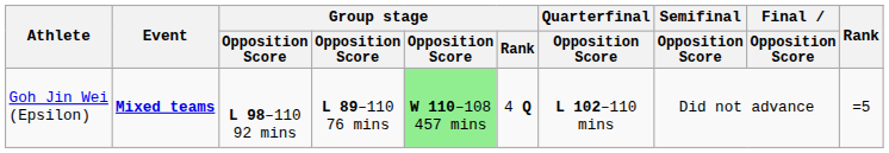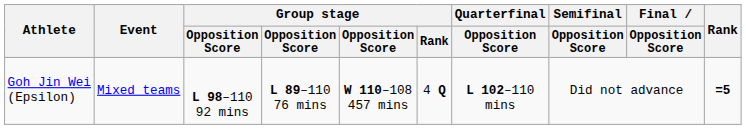 <table class="wikitable" style="font-size:90%">
 <tr>
 <th rowspan=2>Athlete</th>
 <th rowspan=2>Event</th>
 <th colspan=4>Group stage</th>
 <th>Quarterfinal</th>
 <th>Semifinal</th>
 <th>Final / </th>
 <th rowspan=2>Rank</th>
 </tr>
 <tr style="font-size:95%">
 <th>Opposition<br>Score</th>
 <th>Opposition<br>Score</th>
 <th>Opposition<br>Score</th>
 <th>Rank</th>
 <th>Opposition<br>Score</th>
 <th>Opposition<br>Score</th>
 <th>Opposition<br>Score</th>
 </tr>
 <tr align=center>
 <td align=left><a href='#'>Goh Jin Wei</a><br>(Epsilon)</td>
-<td align=left><strong><a href='#'>Mixed teams</a></strong></td>
+<td align=left><a href='#'>Mixed teams</a></td>
 <td align=center><br><br><strong>L</strong> <strong>98</strong>–110<br>92 mins</td>
 <td align=center><br><strong>L</strong> <strong>89</strong>–110<br>76 mins</td>
-<td align=center style="background: lightgreen;"><br><strong>W</strong> <strong>110</strong>–108<br>457 mins</td>
+<td align=center><br><strong>W</strong> <strong>110</strong>–108<br>457 mins</td>
 <td align=center>4 <strong>Q</strong></td>
 <td align=center><br><strong>L</strong> <strong>102</strong>–110<br> mins</td>
 <td colspan="2" align=center>Did not advance</td>
-<td align=center>=5</td>
+<td align=center><strong>=5</strong></td>
 </tr>
 </table>
